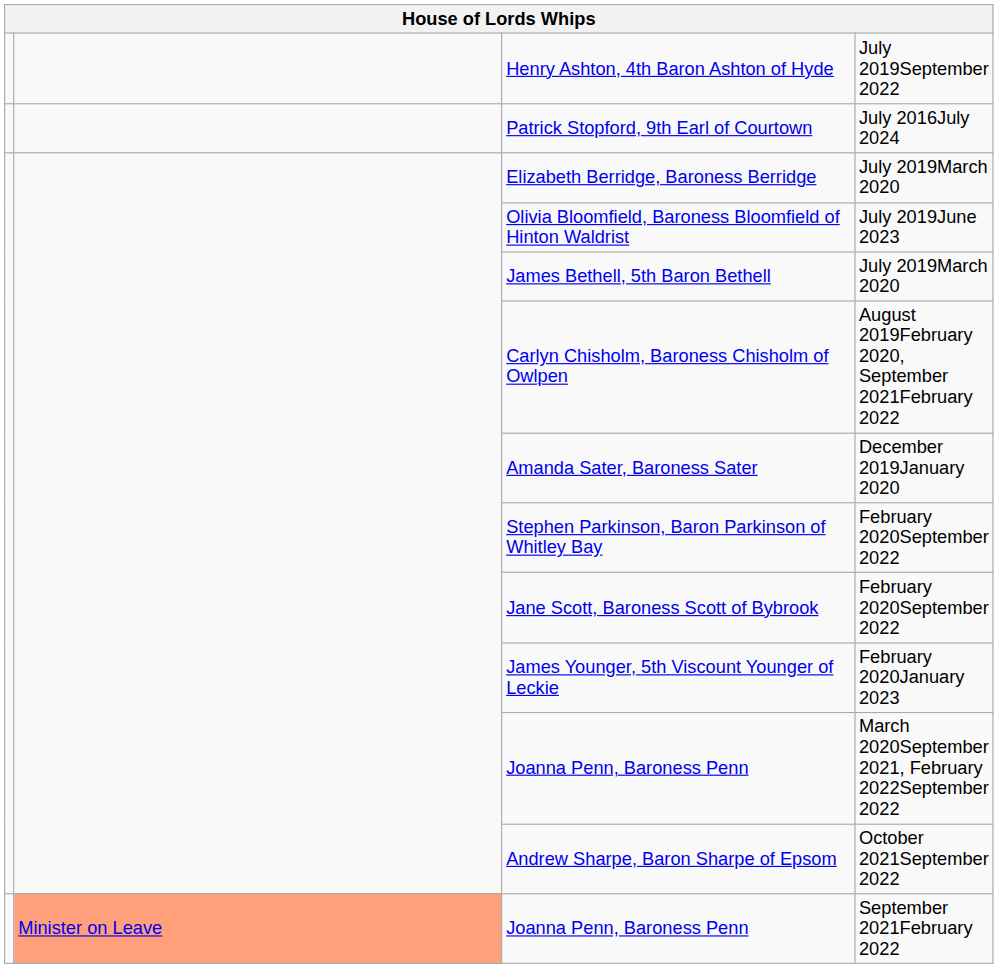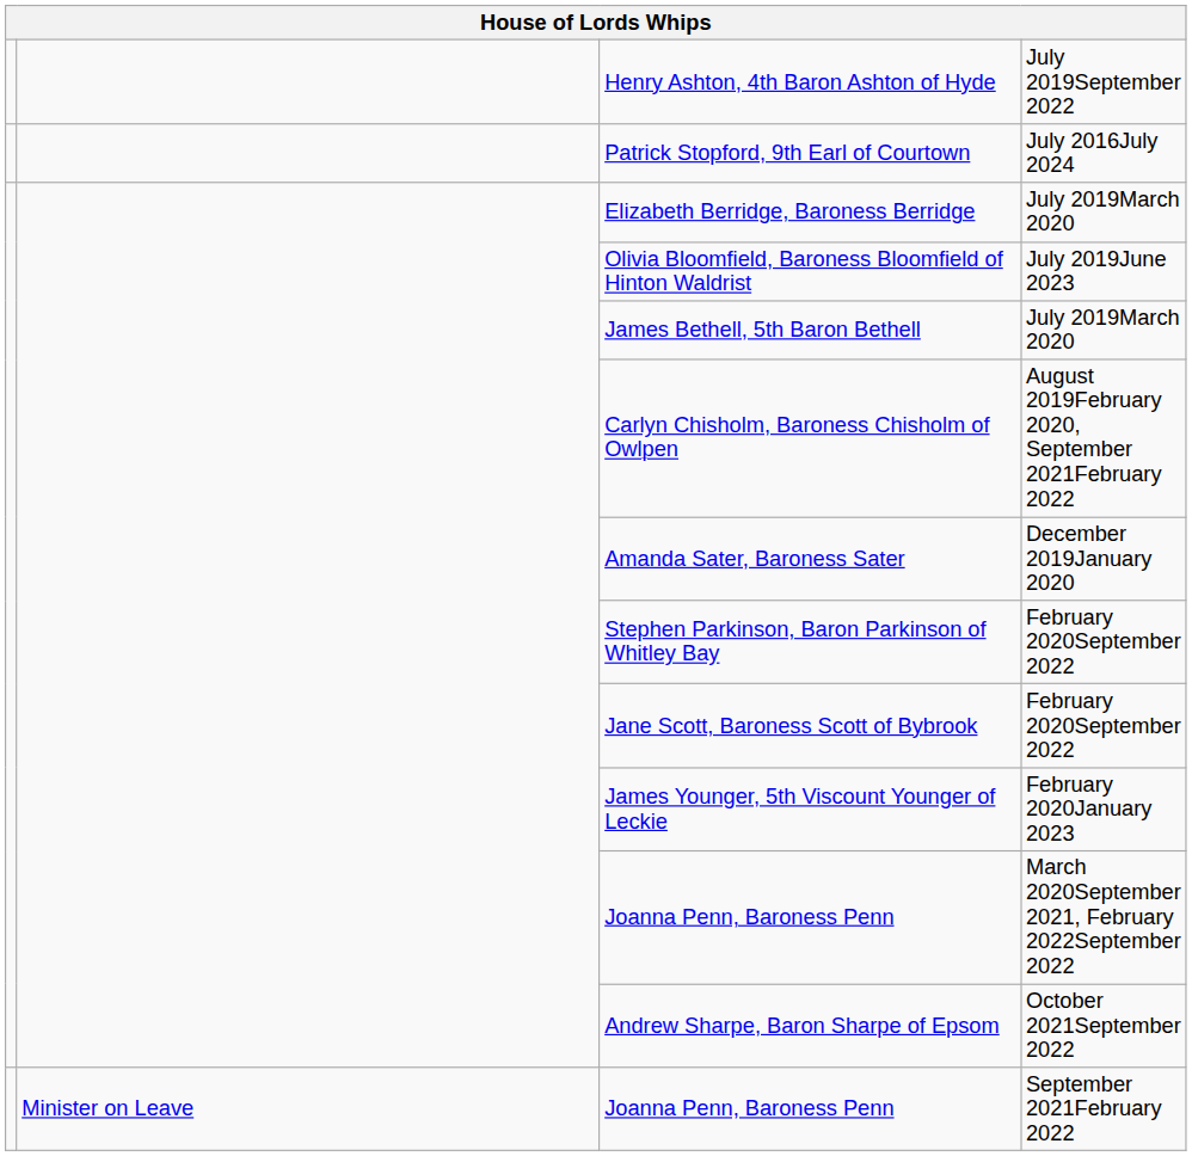 <table class="wikitable">
 <tr>
 <th colspan="5">House of Lords Whips</th>
 </tr>
 <tr>
 <td style="width: 1px; background: "></td>
 <td style="width: 450px;"></td>
 <td style="width: 320px;"><a href='#'>Henry Ashton, 4th Baron Ashton of Hyde</a></td>
 <td>July 2019September 2022</td>
 </tr>
 <tr>
 <td style="width: 1px; background: "></td>
 <td></td>
 <td><a href='#'>Patrick Stopford, 9th Earl of Courtown</a></td>
 <td>July 2016July 2024</td>
 </tr>
 <tr>
 <td rowspan=10 style="width: 1px; background: "></td>
 <td rowspan=10></td>
 <td><a href='#'>Elizabeth Berridge, Baroness Berridge</a> </td>
 <td>July 2019March 2020</td>
 </tr>
 <tr>
 <td><a href='#'>Olivia Bloomfield, Baroness Bloomfield of Hinton Waldrist</a></td>
 <td>July 2019June 2023</td>
 </tr>
 <tr>
 <td><a href='#'>James Bethell, 5th Baron Bethell</a> </td>
 <td>July 2019March 2020</td>
 </tr>
 <tr>
 <td><a href='#'>Carlyn Chisholm, Baroness Chisholm of Owlpen</a></td>
 <td>August 2019February 2020, September 2021February 2022</td>
 </tr>
 <tr>
 <td><a href='#'>Amanda Sater, Baroness Sater</a></td>
 <td>December 2019January 2020</td>
 </tr>
 <tr>
 <td><a href='#'>Stephen Parkinson, Baron Parkinson of Whitley Bay</a> </td>
 <td>February 2020September 2022</td>
 </tr>
 <tr>
 <td><a href='#'>Jane Scott, Baroness Scott of Bybrook</a></td>
 <td>February 2020September 2022</td>
 </tr>
 <tr>
 <td><a href='#'>James Younger, 5th Viscount Younger of Leckie</a></td>
 <td>February 2020January 2023</td>
 </tr>
 <tr>
 <td><a href='#'>Joanna Penn, Baroness Penn</a></td>
 <td>March 2020September 2021, February 2022September 2022</td>
 </tr>
 <tr>
 <td><a href='#'>Andrew Sharpe, Baron Sharpe of Epsom</a> </td>
 <td>October 2021September 2022</td>
 </tr>
 <tr>
 <td style="width: 1px; background: "></td>
-<td style="background: lightsalmon;"><a href='#'>Minister on Leave</a></td>
+<td><a href='#'>Minister on Leave</a></td>
 <td><a href='#'>Joanna Penn, Baroness Penn</a></td>
 <td>September 2021February 2022</td>
 </tr>
 </table>
